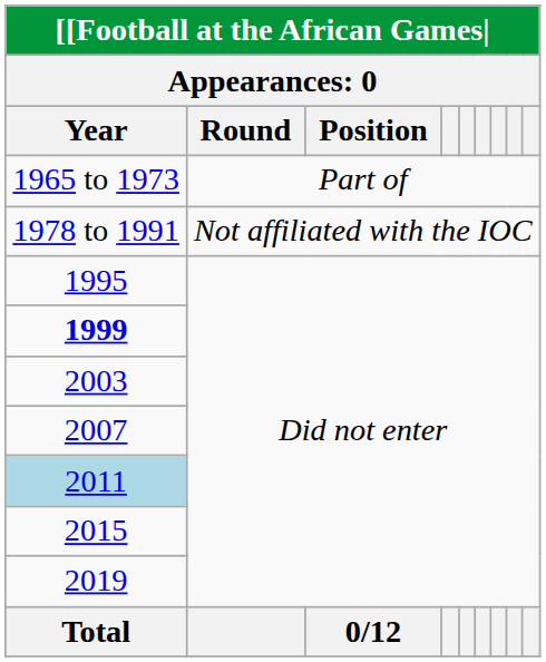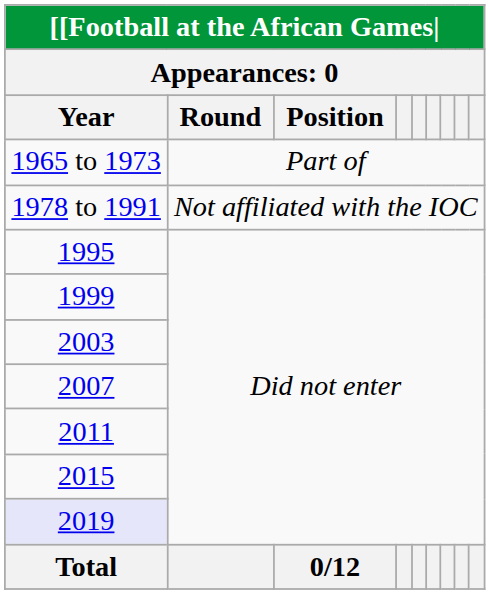 <table class="wikitable" style="text-align: center;">
 <tr>
 <th colspan=9 style="background:#009639; color:white; ">[[Football at the African Games|</th>
 </tr>
 <tr>
 <th colspan=9>Appearances: 0</th>
 </tr>
 <tr>
 <th>Year</th>
 <th>Round</th>
 <th>Position</th>
 <th></th>
 <th></th>
 <th></th>
 <th></th>
 <th></th>
 <th></th>
 </tr>
 <tr>
 <td> <a href='#'>1965</a> to  <a href='#'>1973</a></td>
 <td colspan=8><em>Part of </em></td>
 </tr>
 <tr>
 <td> <a href='#'>1978</a> to  <a href='#'>1991</a></td>
 <td colspan=8><em>Not affiliated with the IOC</em></td>
 </tr>
 <tr>
 <td> <a href='#'>1995</a></td>
 <td colspan=8 rowspan=7><em>Did not enter</em></td>
 </tr>
 <tr>
-<td><strong> <a href='#'>1999</a></strong></td>
+<td> <a href='#'>1999</a></td>
 </tr>
 <tr>
 <td> <a href='#'>2003</a></td>
 </tr>
 <tr>
 <td> <a href='#'>2007</a></td>
 </tr>
 <tr>
-<td style="background: lightblue;"> <a href='#'>2011</a></td>
+<td> <a href='#'>2011</a></td>
 </tr>
 <tr>
 <td> <a href='#'>2015</a></td>
 </tr>
 <tr>
-<td> <a href='#'>2019</a></td>
+<td style="background: lavender;"> <a href='#'>2019</a></td>
 </tr>
 <tr>
 <th>Total</th>
 <th></th>
 <th>0/12</th>
 <th></th>
 <th></th>
 <th></th>
 <th></th>
 <th></th>
 <th></th>
 </tr>
 </table>
